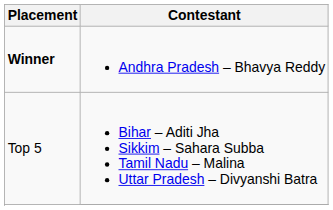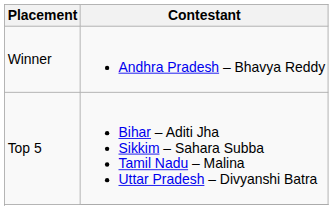 <table class="wikitable">
 <tr>
 <th>Placement</th>
 <th>Contestant</th>
 </tr>
 <tr>
-<td><strong>Winner</strong></td>
+<td>Winner</td>
 <td><br><ul><li><a href='#'>Andhra Pradesh</a> – Bhavya Reddy</li></ul></td>
 </tr>
 <tr>
 <td rowspan=5>Top 5</td>
 <td><br><ul><li><a href='#'>Bihar</a> – Aditi Jha</li><li><a href='#'>Sikkim</a> – Sahara Subba</li><li><a href='#'>Tamil Nadu</a> – Malina</li><li><a href='#'>Uttar Pradesh</a> – Divyanshi Batra</li></ul></td>
 </tr>
 <tr>
 </tr>
 </table>
